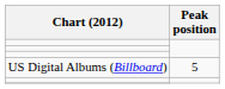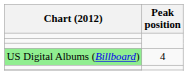 <table class="wikitable sortable plainrowheaders">
 <tr>
 <th align="center">Chart (2012)</th>
 <th align="center">Peak<br>position</th>
 </tr>
 <tr>
 <td></td>
 </tr>
 <tr>
 <td></td>
 </tr>
 <tr>
 <td></td>
 </tr>
 <tr>
-<td>US Digital Albums (<em><a href='#'>Billboard</a></em>)</td>
-<td align="center">5</td>
+<td style="background: lightgreen;">US Digital Albums (<em><a href='#'>Billboard</a></em>)</td>
+<td align="center">4</td>
 </tr>
 <tr>
 <td></td>
 </tr>
 <tr>
 </tr>
 </table>
